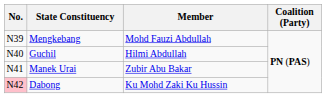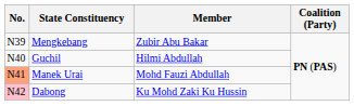 <table class="wikitable">
 <tr>
 <th width="30">No.</th>
 <th width="150">State Constituency</th>
 <th width="230">Member</th>
 <th width="80">Coalition (Party)</th>
 </tr>
 <tr>
 <td>N39</td>
 <td><a href='#'>Mengkebang</a></td>
-<td><a href='#'>Mohd Fauzi Abdullah</a></td>
+<td><a href='#'>Zubir Abu Bakar</a></td>
 <td rowspan="4" style="background:"><strong>PN</strong> (<strong>PAS</strong>)</td>
 </tr>
 <tr>
 <td>N40</td>
 <td><a href='#'>Guchil</a></td>
 <td><a href='#'>Hilmi Abdullah</a></td>
 </tr>
 <tr>
-<td>N41</td>
+<td style="background: lightsalmon;">N41</td>
 <td><a href='#'>Manek Urai</a></td>
-<td><a href='#'>Zubir Abu Bakar</a></td>
+<td><a href='#'>Mohd Fauzi Abdullah</a></td>
 </tr>
 <tr>
 <td style="background: pink;">N42</td>
 <td><a href='#'>Dabong</a></td>
 <td><a href='#'>Ku Mohd Zaki Ku Hussin</a></td>
 </tr>
 </table>
